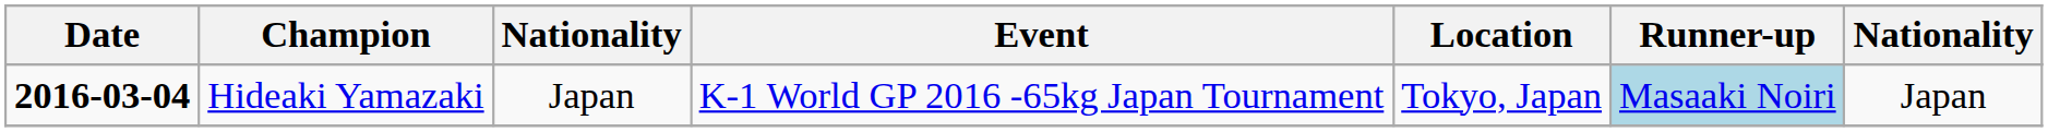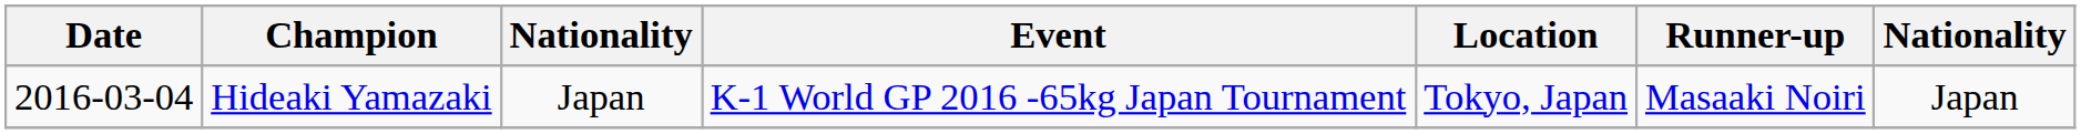 <table class="wikitable" style="text-align:center">
 <tr>
 </tr>
 <tr bgcolor="#dddddd">
 <th>Date</th>
 <th>Champion</th>
 <th>Nationality</th>
 <th>Event</th>
 <th>Location</th>
 <th>Runner-up</th>
 <th>Nationality</th>
 </tr>
 <tr>
 </tr>
 <tr>
-<td><strong>2016-03-04</strong></td>
+<td>2016-03-04</td>
 <td><a href='#'>Hideaki Yamazaki</a></td>
 <td> Japan</td>
 <td><a href='#'>K-1 World GP 2016 -65kg Japan Tournament</a></td>
 <td><a href='#'>Tokyo, Japan</a></td>
-<td style="background: lightblue;"><a href='#'>Masaaki Noiri</a></td>
+<td><a href='#'>Masaaki Noiri</a></td>
 <td> Japan</td>
 </tr>
 <tr>
 </tr>
 </table>
